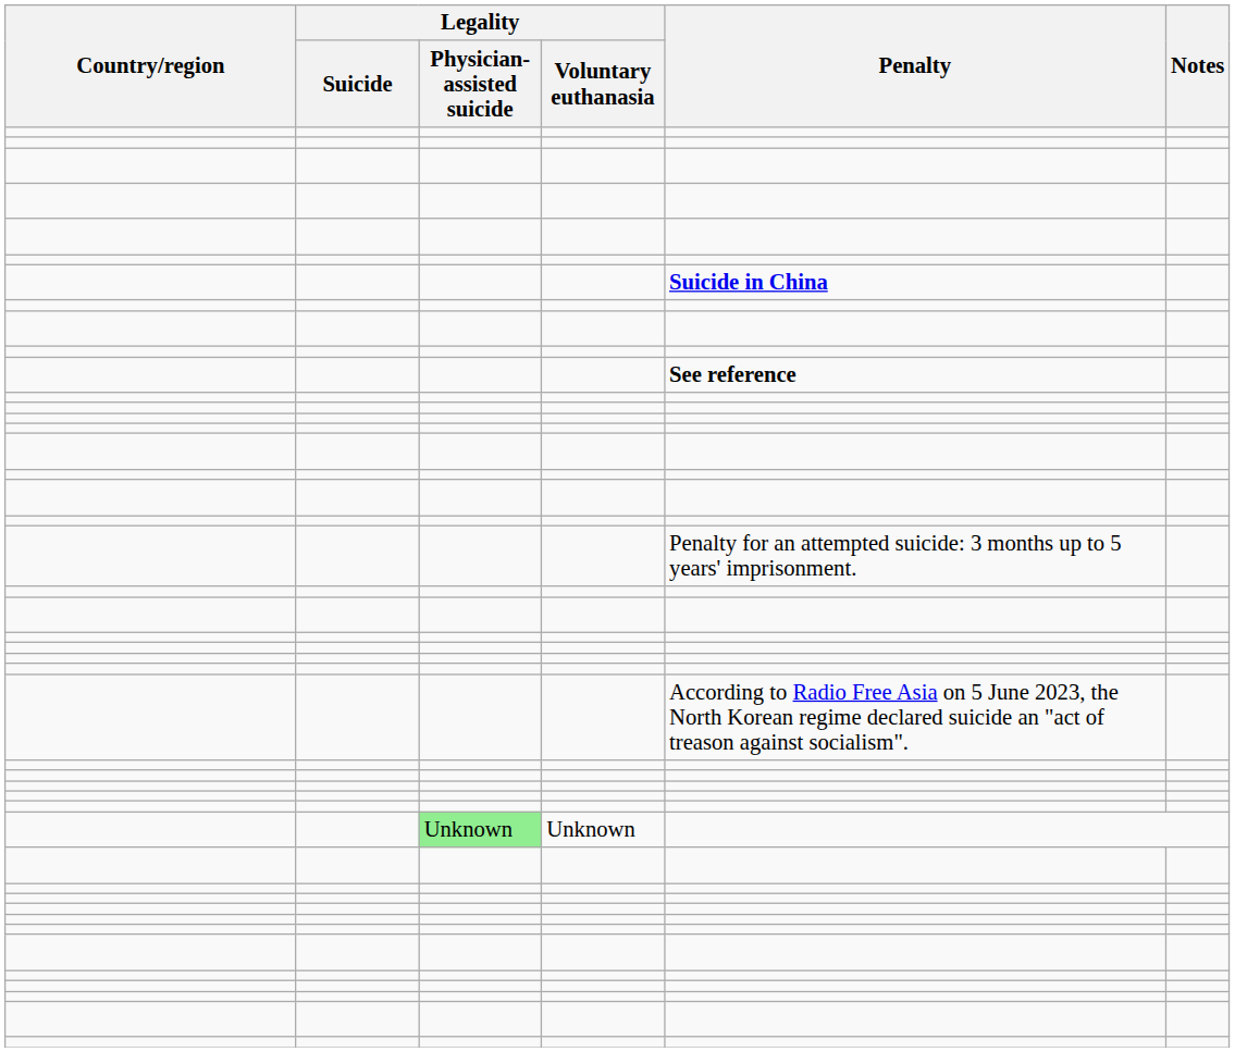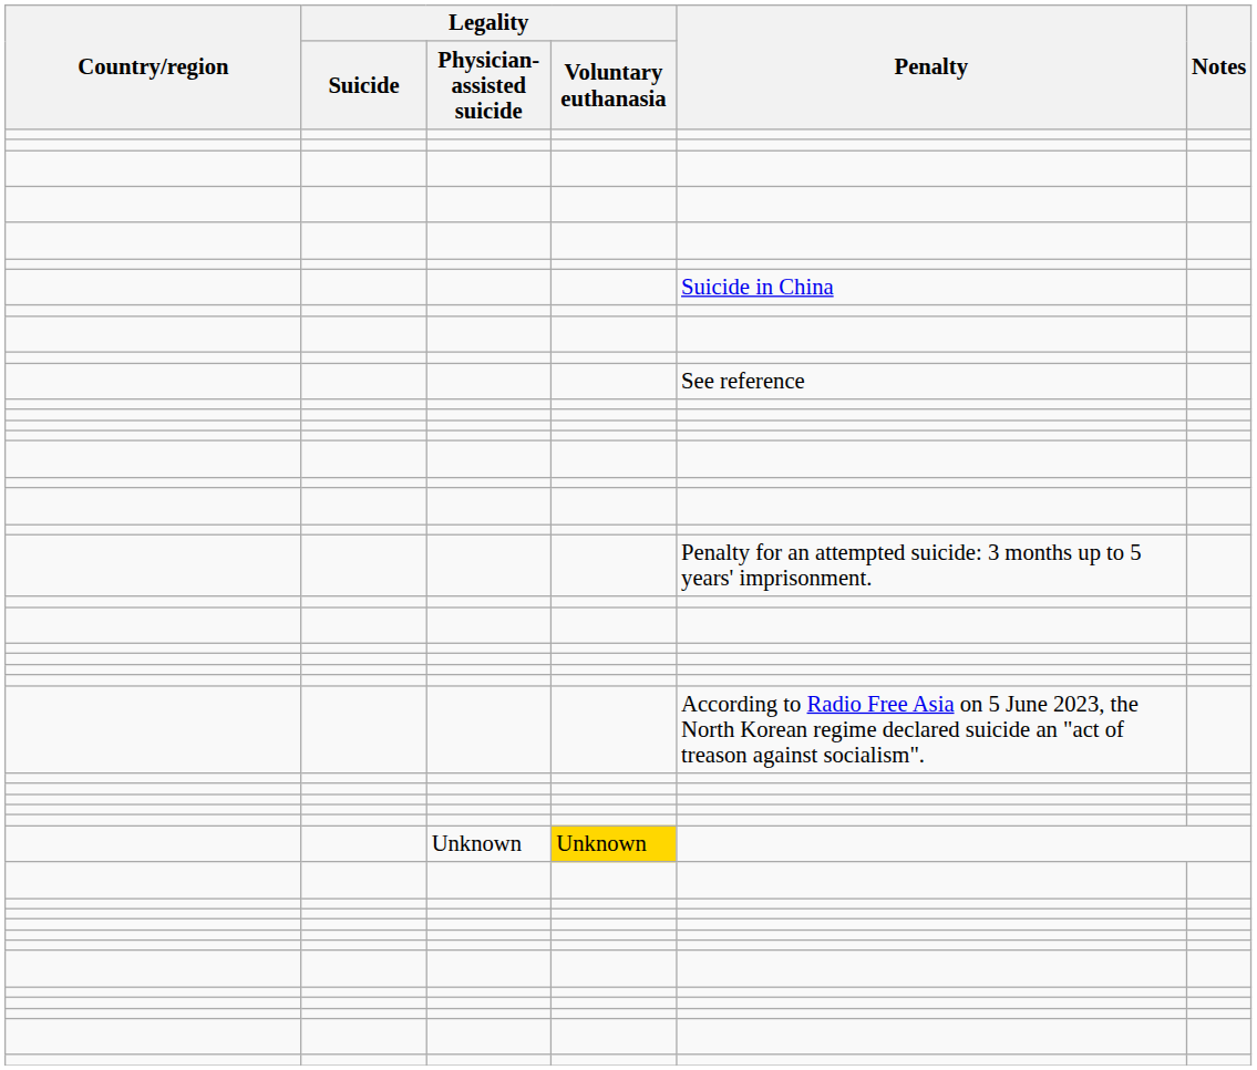 <table class="wikitable">
 <tr>
 <th rowspan=2 width=200pt>Country/region</th>
 <th colspan=3>Legality</th>
 <th rowspan=2 width=350pt>Penalty</th>
 <th rowspan=2>Notes</th>
 </tr>
 <tr>
 <th width=80pt>Suicide</th>
 <th width=80pt>Physician-assisted suicide</th>
 <th width=80pt>Voluntary euthanasia</th>
 </tr>
 <tr>
 <td></td>
 <td></td>
 <td></td>
 <td></td>
 <td></td>
 </tr>
 <tr>
 <td></td>
 <td></td>
 <td></td>
 <td></td>
 <td></td>
 <td></td>
 </tr>
 <tr>
 <td></td>
 <td></td>
 <td></td>
 <td></td>
 <td><br> </td>
 <td></td>
 </tr>
 <tr>
 <td></td>
 <td></td>
 <td></td>
 <td></td>
 <td><br></td>
 <td></td>
 </tr>
 <tr>
 <td></td>
 <td></td>
 <td></td>
 <td></td>
 <td><br> </td>
 <td></td>
 </tr>
 <tr>
 <td></td>
 <td></td>
 <td></td>
 <td></td>
 <td></td>
 <td></td>
 </tr>
 <tr>
 <td></td>
 <td></td>
 <td></td>
 <td></td>
-<td><strong><a href='#'>Suicide in China</a></strong></td>
+<td><a href='#'>Suicide in China</a></td>
 <td></td>
 </tr>
 <tr>
 <td><em></em></td>
 <td></td>
 <td></td>
 <td></td>
 <td></td>
 <td></td>
 </tr>
 <tr>
 <td></td>
 <td></td>
 <td></td>
 <td></td>
 <td><br></td>
 <td></td>
 </tr>
 <tr>
 <td></td>
 <td></td>
 <td></td>
 <td></td>
 <td></td>
 <td></td>
 </tr>
 <tr>
 <td></td>
 <td></td>
 <td></td>
 <td></td>
-<td><strong>See reference</strong></td>
+<td>See reference</td>
 <td></td>
 </tr>
 <tr>
 <td></td>
 <td></td>
 <td></td>
 <td></td>
 <td></td>
 <td></td>
 </tr>
 <tr>
 <td></td>
 <td></td>
 <td></td>
 <td></td>
 <td></td>
 <td></td>
 </tr>
 <tr>
 <td></td>
 <td></td>
 <td></td>
 <td></td>
 <td> </td>
 <td></td>
 </tr>
 <tr>
 <td></td>
 <td></td>
 <td></td>
 <td></td>
 <td></td>
 <td></td>
 </tr>
 <tr>
 <td></td>
 <td></td>
 <td></td>
 <td></td>
 <td><br></td>
 <td></td>
 </tr>
 <tr>
 <td></td>
 <td></td>
 <td></td>
 <td></td>
 <td></td>
 <td></td>
 </tr>
 <tr>
 <td></td>
 <td></td>
 <td></td>
 <td></td>
 <td><br></td>
 <td></td>
 </tr>
 <tr>
 <td></td>
 <td></td>
 <td></td>
 <td></td>
 <td></td>
 <td></td>
 </tr>
 <tr>
 <td></td>
 <td></td>
 <td></td>
 <td></td>
 <td>Penalty for an attempted suicide: 3 months up to 5 years' imprisonment.</td>
 <td></td>
 </tr>
 <tr>
 <td><em></em></td>
 <td></td>
 <td></td>
 <td></td>
 <td></td>
 <td></td>
 </tr>
 <tr>
 <td></td>
 <td></td>
 <td></td>
 <td></td>
 <td><br> </td>
 <td></td>
 </tr>
 <tr>
 <td></td>
 <td></td>
 <td></td>
 <td></td>
 <td></td>
 <td></td>
 </tr>
 <tr>
 <td></td>
 <td></td>
 <td></td>
 <td></td>
 <td></td>
 <td></td>
 </tr>
 <tr>
 <td></td>
 <td></td>
 <td></td>
 <td></td>
 <td></td>
 <td></td>
 </tr>
 <tr>
 <td></td>
 <td></td>
 <td></td>
 <td></td>
 <td></td>
 <td></td>
 </tr>
 <tr>
 <td></td>
 <td></td>
 <td></td>
 <td></td>
 <td>According to <a href='#'>Radio Free Asia</a> on 5 June 2023, the North Korean regime declared suicide an "act of treason against socialism".</td>
 <td></td>
 </tr>
 <tr>
 <td></td>
 <td></td>
 <td></td>
 <td></td>
 <td></td>
 <td></td>
 </tr>
 <tr>
 <td></td>
 <td></td>
 <td></td>
 <td></td>
 <td></td>
 <td></td>
 </tr>
 <tr>
 <td></td>
 <td></td>
 <td></td>
 <td></td>
 <td></td>
 <td></td>
 </tr>
 <tr>
 <td></td>
 <td></td>
 <td></td>
 <td></td>
 <td></td>
 <td></td>
 </tr>
 <tr>
 <td></td>
 <td></td>
 <td></td>
 <td></td>
 <td></td>
 <td></td>
 </tr>
 <tr>
 <td></td>
 <td></td>
-<td style="background: lightgreen;">Unknown</td>
 <td>Unknown</td>
+<td style="background: gold;">Unknown</td>
 </tr>
 <tr>
 <td></td>
 <td></td>
 <td></td>
 <td></td>
 <td><br> </td>
 <td></td>
 </tr>
 <tr>
 <td></td>
 <td></td>
 <td></td>
 <td></td>
 <td> </td>
 <td></td>
 </tr>
 <tr>
 <td></td>
 <td></td>
 <td></td>
 <td></td>
 <td></td>
 <td></td>
 </tr>
 <tr>
 <td></td>
 <td></td>
 <td></td>
 <td></td>
 <td></td>
 <td></td>
 </tr>
 <tr>
 <td></td>
 <td></td>
 <td></td>
 <td></td>
 <td></td>
 <td></td>
 </tr>
 <tr>
 <td></td>
 <td></td>
 <td></td>
 <td></td>
 <td></td>
 <td></td>
 </tr>
 <tr>
 <td></td>
 <td></td>
 <td></td>
 <td></td>
 <td><br></td>
 <td></td>
 </tr>
 <tr>
 <td></td>
 <td></td>
 <td></td>
 <td></td>
 <td></td>
 <td></td>
 </tr>
 <tr>
 <td></td>
 <td></td>
 <td></td>
 <td></td>
 <td></td>
 <td></td>
 </tr>
 <tr>
 <td></td>
 <td></td>
 <td></td>
 <td></td>
 <td></td>
 <td></td>
 </tr>
 <tr>
 <td></td>
 <td></td>
 <td></td>
 <td></td>
 <td><br></td>
 <td></td>
 </tr>
 <tr>
 <td></td>
 <td></td>
 <td></td>
 <td></td>
 <td></td>
 <td></td>
 </tr>
 </table>
